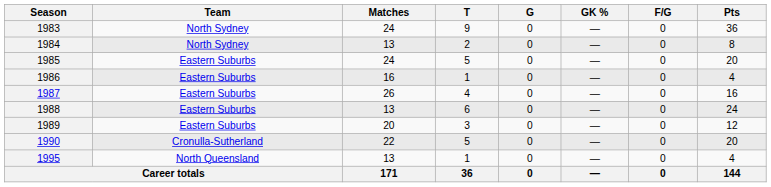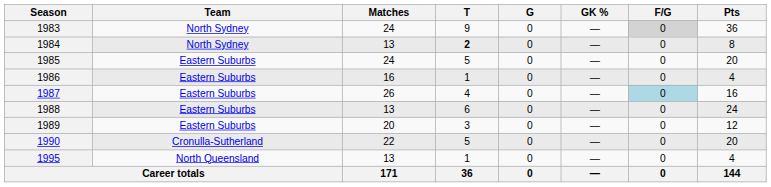 <table class="wikitable sortable"  style="font-size:90%; text-align:center; width:85%;">
 <tr>
 <th width=2%>Season</th>
 <th width=8%>Team</th>
 <th width=2%>Matches</th>
 <th width=2%>T</th>
 <th width=2%>G</th>
 <th width=2%>GK %</th>
 <th width=2%>F/G</th>
 <th width=2%>Pts</th>
 </tr>
 <tr>
 <th scope="row" style="text-align:center; font-weight:normal">1983</th>
 <td style="text-align:center;"> <a href='#'>North Sydney</a></td>
 <td>24</td>
 <td>9</td>
 <td>0</td>
 <td>—</td>
-<td>0</td>
+<td style="background: lightgrey;">0</td>
 <td>36</td>
 </tr>
 <tr style="background-color: #EAEAEA">
 <th scope="row" style="text-align:center; font-weight:normal">1984</th>
 <td style="text-align:center;"> <a href='#'>North Sydney</a></td>
 <td>13</td>
-<td>2</td>
+<td><strong>2</strong></td>
 <td>0</td>
 <td>—</td>
 <td>0</td>
 <td>8</td>
 </tr>
 <tr>
 <th scope="row" style="text-align:center; font-weight:normal">1985</th>
 <td style="text-align:center;"> <a href='#'>Eastern Suburbs</a></td>
 <td>24</td>
 <td>5</td>
 <td>0</td>
 <td>—</td>
 <td>0</td>
 <td>20</td>
 </tr>
 <tr style="background-color: #EAEAEA">
 <th scope="row" style="text-align:center; font-weight:normal">1986</th>
 <td style="text-align:center;"> <a href='#'>Eastern Suburbs</a></td>
 <td>16</td>
 <td>1</td>
 <td>0</td>
 <td>—</td>
 <td>0</td>
 <td>4</td>
 </tr>
 <tr>
 <th scope="row" style="text-align:center; font-weight:normal"><a href='#'>1987</a></th>
 <td style="text-align:center;"> <a href='#'>Eastern Suburbs</a></td>
 <td>26</td>
 <td>4</td>
 <td>0</td>
 <td>—</td>
-<td>0</td>
+<td style="background: lightblue;">0</td>
 <td>16</td>
 </tr>
 <tr style="background-color: #EAEAEA">
 <th scope="row" style="text-align:center; font-weight:normal">1988</th>
 <td style="text-align:center;"> <a href='#'>Eastern Suburbs</a></td>
 <td>13</td>
 <td>6</td>
 <td>0</td>
 <td>—</td>
 <td>0</td>
 <td>24</td>
 </tr>
 <tr>
 <th scope="row" style="text-align:center; font-weight:normal">1989</th>
 <td style="text-align:center;"> <a href='#'>Eastern Suburbs</a></td>
 <td>20</td>
 <td>3</td>
 <td>0</td>
 <td>—</td>
 <td>0</td>
 <td>12</td>
 </tr>
 <tr style="background-color: #EAEAEA">
 <th scope="row" style="text-align:center; font-weight:normal"><a href='#'>1990</a></th>
 <td style="text-align:center;"> <a href='#'>Cronulla-Sutherland</a></td>
 <td>22</td>
 <td>5</td>
 <td>0</td>
 <td>—</td>
 <td>0</td>
 <td>20</td>
 </tr>
 <tr>
 <th scope="row" style="text-align:center; font-weight:normal"><a href='#'>1995</a></th>
 <td style="text-align:center;"> <a href='#'>North Queensland</a></td>
 <td>13</td>
 <td>1</td>
 <td>0</td>
 <td>—</td>
 <td>0</td>
 <td>4</td>
 </tr>
 <tr class="sortbottom">
 <th colspan=2>Career totals</th>
 <th>171</th>
 <th>36</th>
 <th>0</th>
 <th>—</th>
 <th>0</th>
 <th>144</th>
 </tr>
 </table>
